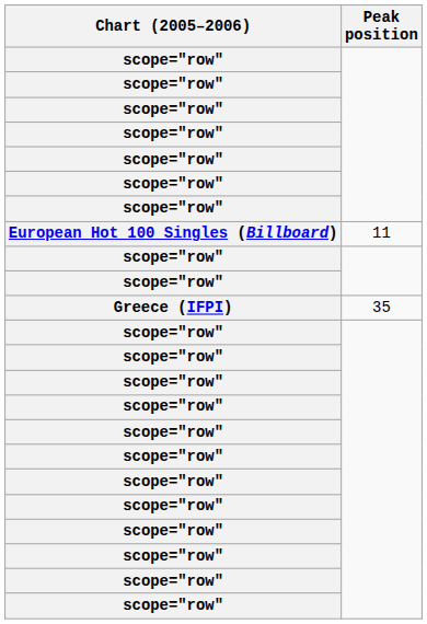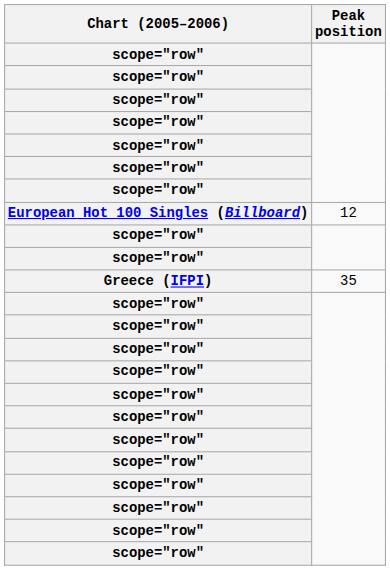 <table class="wikitable sortable plainrowheaders" style="text-align:center">
 <tr>
 <th scope="col">Chart (2005–2006)</th>
 <th scope="col">Peak<br>position</th>
 </tr>
 <tr>
 <th>scope="row"</th>
 </tr>
 <tr>
 <th>scope="row"</th>
 </tr>
 <tr>
 <th>scope="row"</th>
 </tr>
 <tr>
 <th>scope="row"</th>
 </tr>
 <tr>
 <th>scope="row"</th>
 </tr>
 <tr>
 <th>scope="row"</th>
 </tr>
 <tr>
 <th>scope="row"</th>
 </tr>
 <tr>
 <th scope="row"><a href='#'>European Hot 100 Singles</a> (<em><a href='#'>Billboard</a></em>)</th>
-<td>11</td>
+<td>12</td>
 </tr>
 <tr>
 <th>scope="row"</th>
 </tr>
 <tr>
 <th>scope="row"</th>
 </tr>
 <tr>
 <th scope="row">Greece (<a href='#'>IFPI</a>)</th>
 <td>35</td>
 </tr>
 <tr>
 <th>scope="row"</th>
 </tr>
 <tr>
 <th>scope="row"</th>
 </tr>
 <tr>
 <th>scope="row"</th>
 </tr>
 <tr>
 <th>scope="row"</th>
 </tr>
 <tr>
 <th>scope="row"</th>
 </tr>
 <tr>
 <th>scope="row"</th>
 </tr>
 <tr>
 <th>scope="row"</th>
 </tr>
 <tr>
 <th>scope="row"</th>
 </tr>
 <tr>
 <th>scope="row"</th>
 </tr>
 <tr>
 <th>scope="row"</th>
 </tr>
 <tr>
 <th>scope="row"</th>
 </tr>
 <tr>
 <th>scope="row"</th>
 </tr>
 </table>
